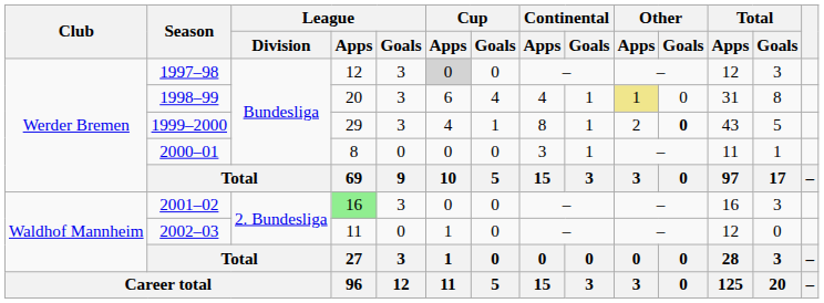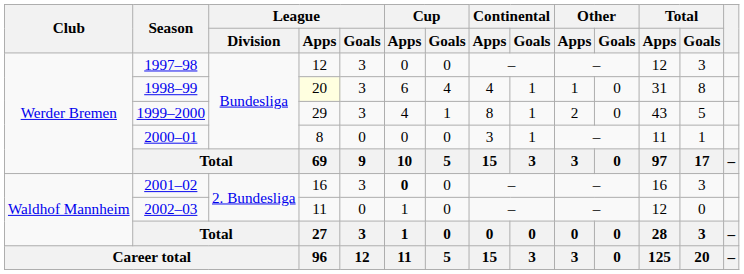 <table class="wikitable" style="text-align:center">
 <tr>
 <th rowspan="2">Club</th>
 <th rowspan="2">Season</th>
 <th colspan="3">League</th>
 <th colspan="2">Cup</th>
 <th colspan="2">Continental</th>
 <th colspan="2">Other</th>
 <th colspan="2">Total</th>
 <th rowspan="2"></th>
 </tr>
 <tr>
 <th>Division</th>
 <th>Apps</th>
 <th>Goals</th>
 <th>Apps</th>
 <th>Goals</th>
 <th>Apps</th>
 <th>Goals</th>
 <th>Apps</th>
 <th>Goals</th>
 <th>Apps</th>
 <th>Goals</th>
 </tr>
 <tr>
 <td rowspan="5"><a href='#'>Werder Bremen</a></td>
 <td><a href='#'>1997–98</a></td>
 <td rowspan="4"><a href='#'>Bundesliga</a></td>
 <td>12</td>
 <td>3</td>
-<td style="background: lightgrey;">0</td>
+<td>0</td>
 <td>0</td>
 <td colspan="2">–</td>
 <td colspan="2">–</td>
 <td>12</td>
 <td>3</td>
 <td></td>
 </tr>
 <tr>
 <td><a href='#'>1998–99</a></td>
-<td>20</td>
+<td style="background: lightyellow;">20</td>
 <td>3</td>
 <td>6</td>
 <td>4</td>
 <td>4</td>
 <td>1</td>
-<td style="background: khaki;">1</td>
+<td>1</td>
 <td>0</td>
 <td>31</td>
 <td>8</td>
 <td></td>
 </tr>
 <tr>
 <td><a href='#'>1999–2000</a></td>
 <td>29</td>
 <td>3</td>
 <td>4</td>
 <td>1</td>
 <td>8</td>
 <td>1</td>
 <td>2</td>
-<td><strong>0</strong></td>
+<td>0</td>
 <td>43</td>
 <td>5</td>
 <td></td>
 </tr>
 <tr>
 <td><a href='#'>2000–01</a></td>
 <td>8</td>
 <td>0</td>
 <td>0</td>
 <td>0</td>
 <td>3</td>
 <td>1</td>
 <td colspan="2">–</td>
 <td>11</td>
 <td>1</td>
 <td></td>
 </tr>
 <tr>
 <th colspan="2">Total</th>
 <th>69</th>
 <th>9</th>
 <th>10</th>
 <th>5</th>
 <th>15</th>
 <th>3</th>
 <th>3</th>
 <th>0</th>
 <th>97</th>
 <th>17</th>
 <th>–</th>
 </tr>
 <tr>
 <td rowspan="3"><a href='#'>Waldhof Mannheim</a></td>
 <td><a href='#'>2001–02</a></td>
 <td rowspan="2"><a href='#'>2. Bundesliga</a></td>
-<td style="background: lightgreen;">16</td>
+<td>16</td>
 <td>3</td>
-<td>0</td>
+<td><strong>0</strong></td>
 <td>0</td>
 <td colspan="2">–</td>
 <td colspan="2">–</td>
 <td>16</td>
 <td>3</td>
 <td></td>
 </tr>
 <tr>
 <td><a href='#'>2002–03</a></td>
 <td>11</td>
 <td>0</td>
 <td>1</td>
 <td>0</td>
 <td colspan="2">–</td>
 <td colspan="2">–</td>
 <td>12</td>
 <td>0</td>
 <td></td>
 </tr>
 <tr>
 <th colspan="2">Total</th>
 <th>27</th>
 <th>3</th>
 <th>1</th>
 <th>0</th>
 <th>0</th>
 <th>0</th>
 <th>0</th>
 <th>0</th>
 <th>28</th>
 <th>3</th>
 <th>–</th>
 </tr>
 <tr>
 <th colspan="3">Career total</th>
 <th>96</th>
 <th>12</th>
 <th>11</th>
 <th>5</th>
 <th>15</th>
 <th>3</th>
 <th>3</th>
 <th>0</th>
 <th>125</th>
 <th>20</th>
 <th>–</th>
 </tr>
 </table>
